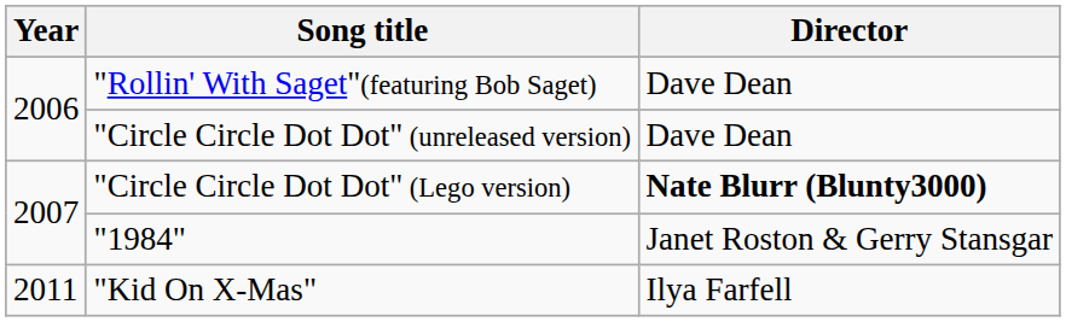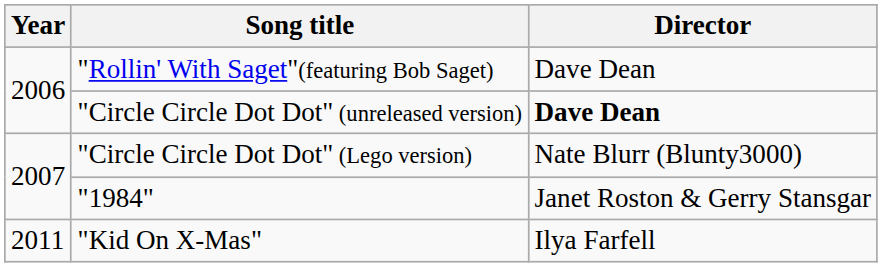 <table class="wikitable">
 <tr>
 <th>Year</th>
 <th>Song title</th>
 <th>Director</th>
 </tr>
 <tr>
 <td rowspan="2">2006</td>
 <td>"<a href='#'>Rollin' With Saget</a>"<small>(featuring Bob Saget)</small></td>
 <td>Dave Dean</td>
 </tr>
 <tr>
 <td>"Circle Circle Dot Dot"<small> (unreleased version)</small></td>
-<td>Dave Dean</td>
+<td><strong>Dave Dean</strong></td>
 </tr>
 <tr>
 <td rowspan="2">2007</td>
 <td>"Circle Circle Dot Dot"<small> (Lego version)</small> </td>
-<td><strong>Nate Blurr (Blunty3000)</strong></td>
+<td>Nate Blurr (Blunty3000)</td>
 </tr>
 <tr>
 <td>"1984"</td>
 <td>Janet Roston & Gerry Stansgar</td>
 </tr>
 <tr>
 <td rowspan="2">2011</td>
 <td>"Kid On X-Mas" </td>
 <td>Ilya Farfell</td>
 </tr>
 </table>
